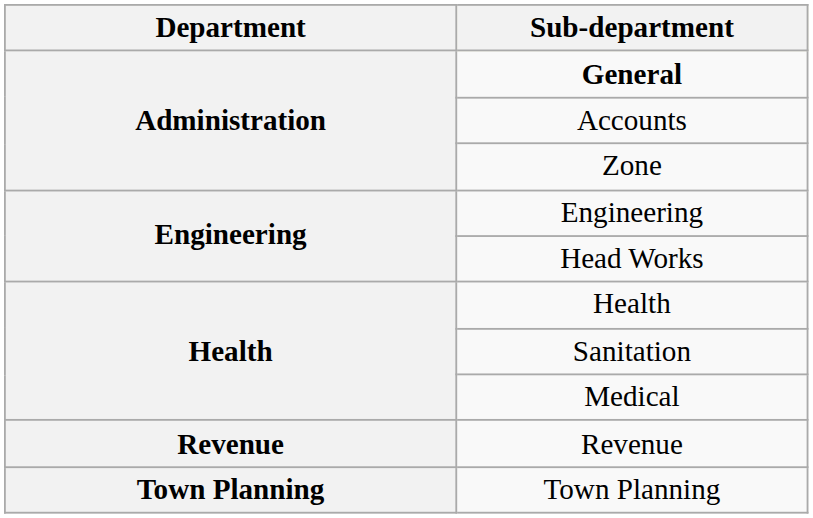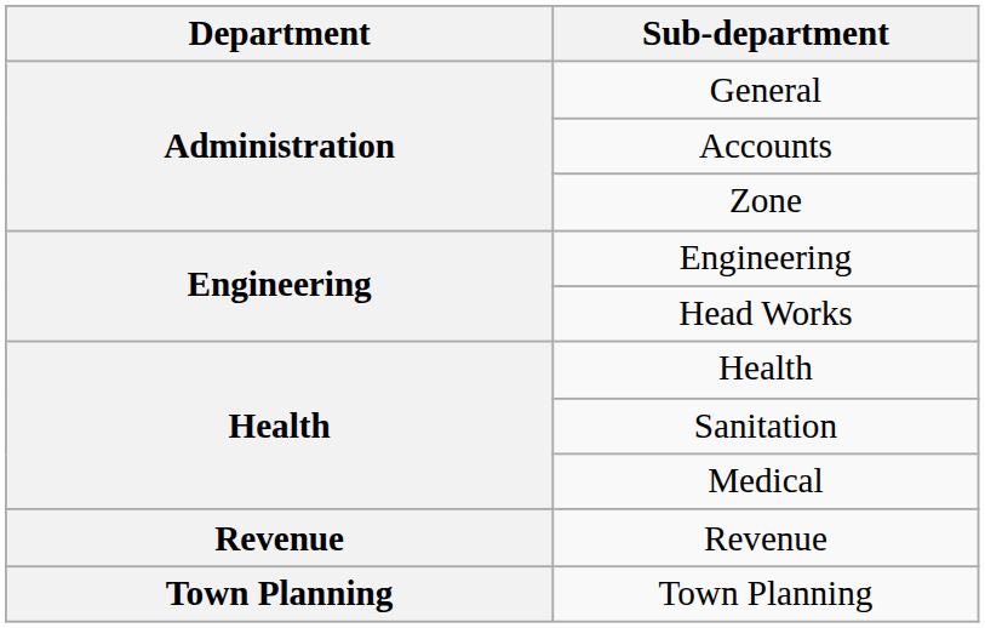 <table class="wikitable" style="width:50%; text-align:center">
 <tr style="background:#ffffdd; color:#000;">
 <th align=centre width=100px>Department</th>
 <th align=center width=050px>Sub-department</th>
 </tr>
 <tr>
 <th rowspan=3>Administration</th>
-<td><strong>General</strong></td>
+<td>General</td>
 </tr>
 <tr>
 <td>Accounts</td>
 </tr>
 <tr>
 <td>Zone</td>
 </tr>
 <tr>
 <th rowspan=2>Engineering</th>
 <td>Engineering</td>
 </tr>
 <tr>
 <td>Head Works</td>
 </tr>
 <tr>
 <th rowspan=3>Health</th>
 <td>Health</td>
 </tr>
 <tr>
 <td>Sanitation</td>
 </tr>
 <tr>
 <td>Medical</td>
 </tr>
 <tr>
 <th>Revenue</th>
 <td>Revenue</td>
 </tr>
 <tr>
 <th>Town Planning</th>
 <td>Town Planning</td>
 </tr>
 </table>
